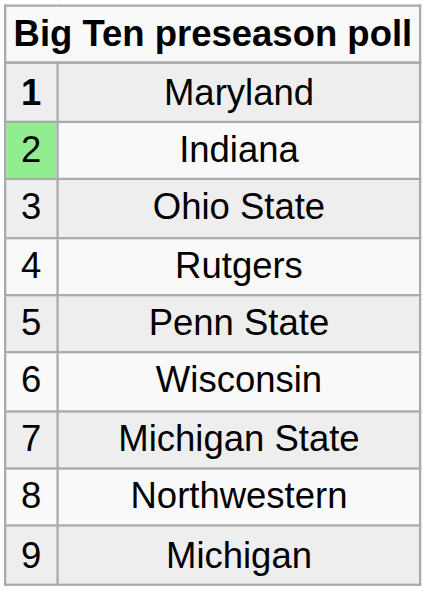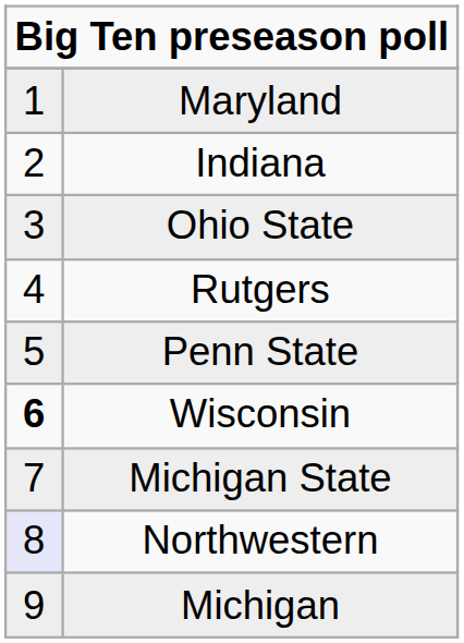 <table class="wikitable" style="display: inline-table;">
 <tr>
 <td align="center" Colspan="3"><strong>Big Ten preseason poll</strong></td>
 </tr>
 <tr align="center">
 </tr>
 <tr align="center" style="background:#eeeeee;">
-<td><strong>1</strong></td>
+<td>1</td>
 <td>Maryland</td>
 </tr>
 <tr align="center">
-<td style="background: lightgreen;">2</td>
+<td>2</td>
 <td>Indiana</td>
 </tr>
 <tr align="center" style="background:#eeeeee;">
 <td>3</td>
 <td>Ohio State</td>
 </tr>
 <tr align="center">
 <td>4</td>
 <td>Rutgers</td>
 </tr>
 <tr align="center" style="background:#eeeeee;">
 <td>5</td>
 <td>Penn State</td>
 </tr>
 <tr align="center">
-<td>6</td>
+<td><strong>6</strong></td>
 <td>Wisconsin</td>
 </tr>
 <tr align="center" style="background:#eeeeee;">
 <td>7</td>
 <td>Michigan State</td>
 </tr>
 <tr align="center">
-<td>8</td>
+<td style="background: lavender;">8</td>
 <td>Northwestern</td>
 </tr>
 <tr align="center" style="background:#eeeeee;">
 <td>9</td>
 <td>Michigan</td>
 </tr>
 </table>
